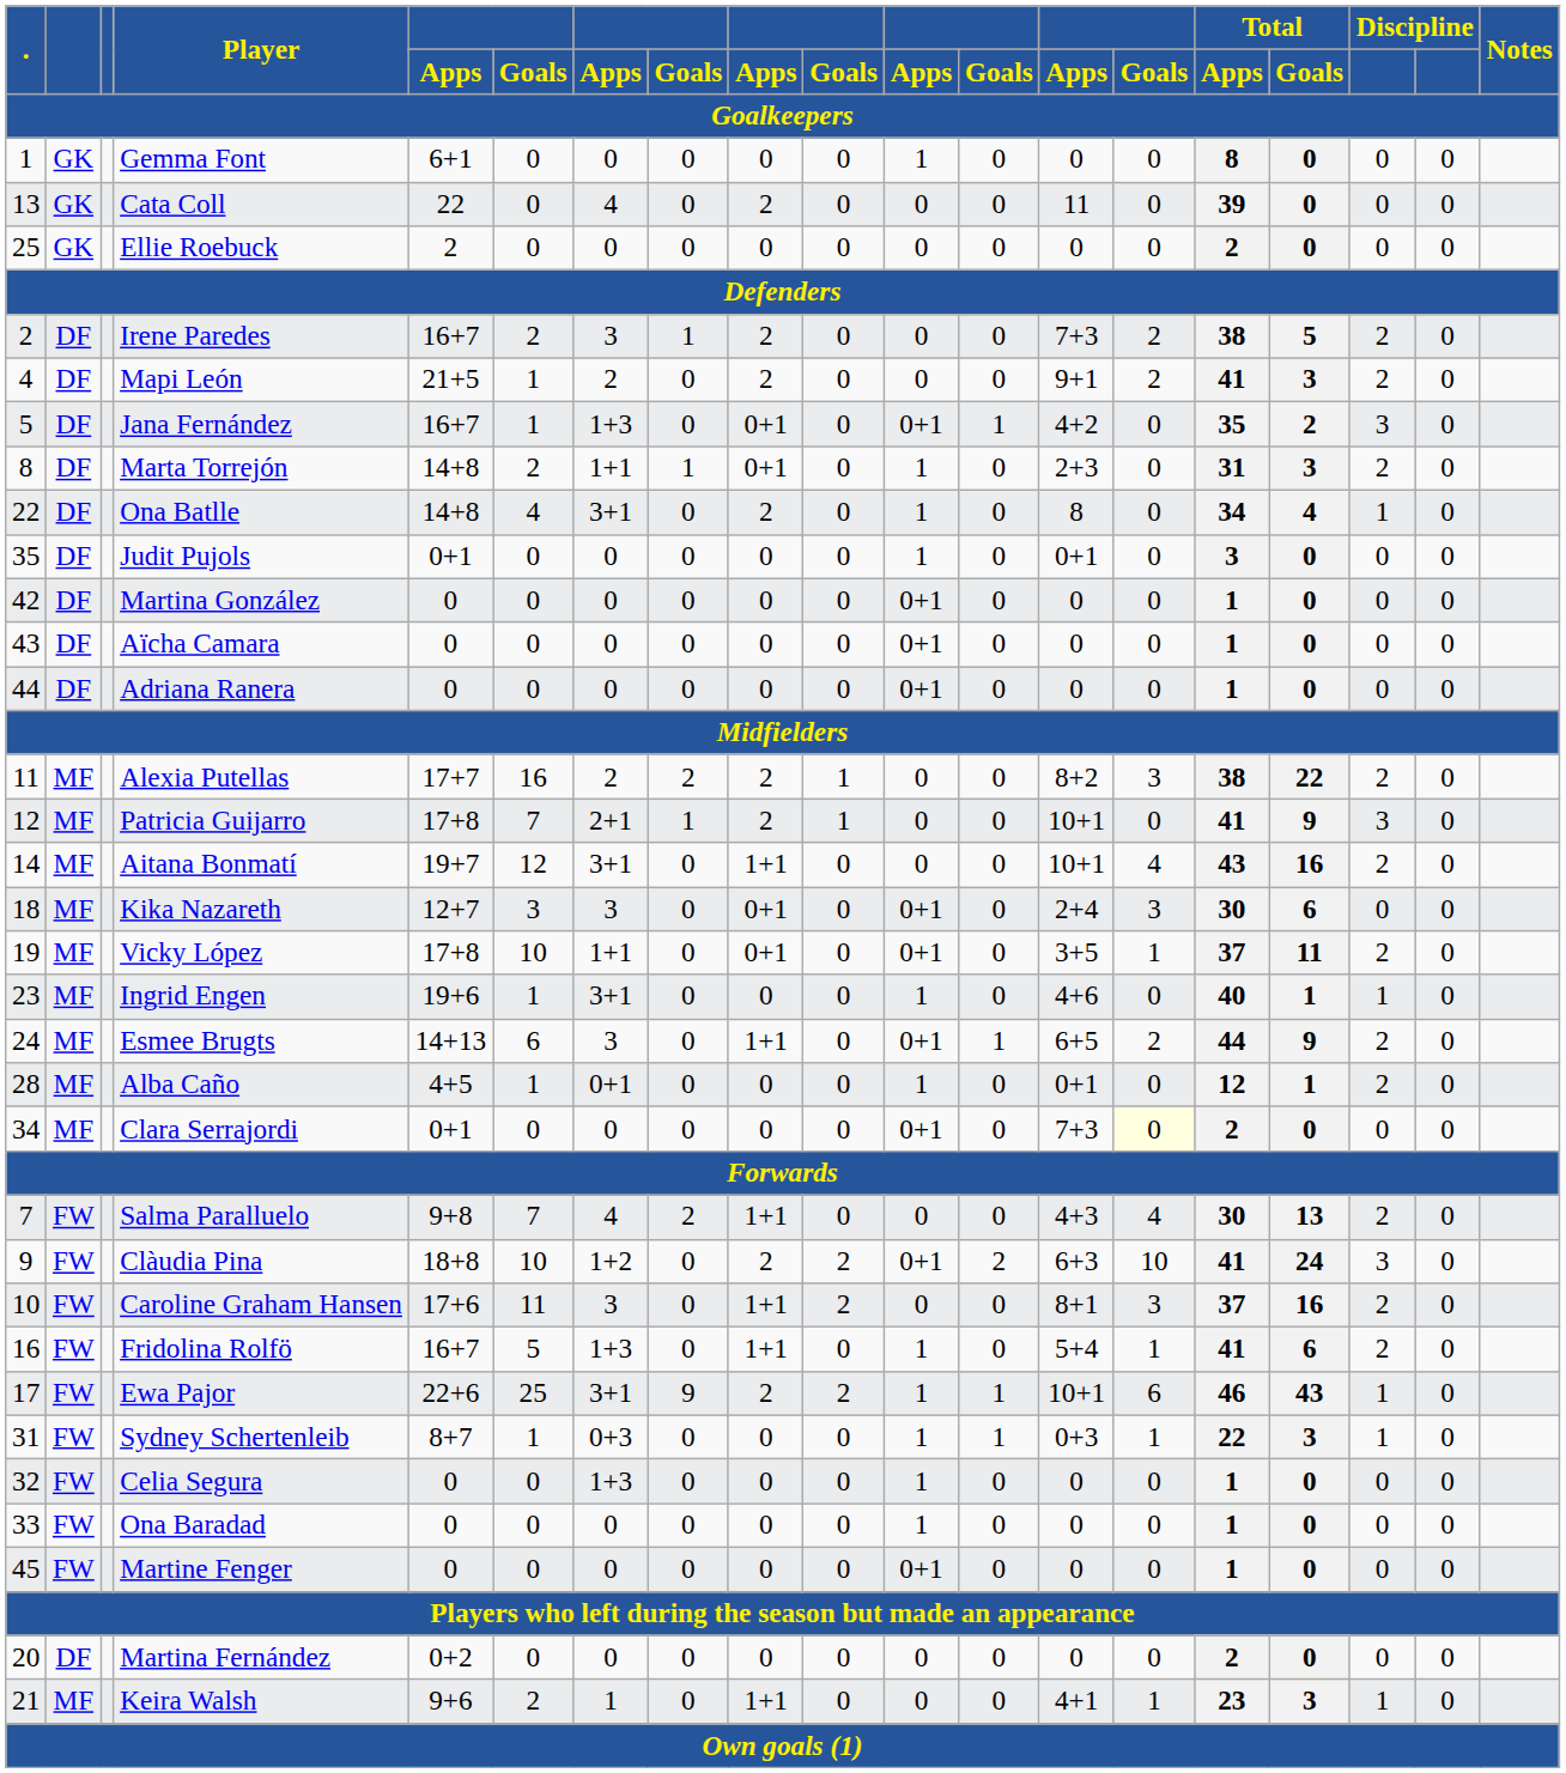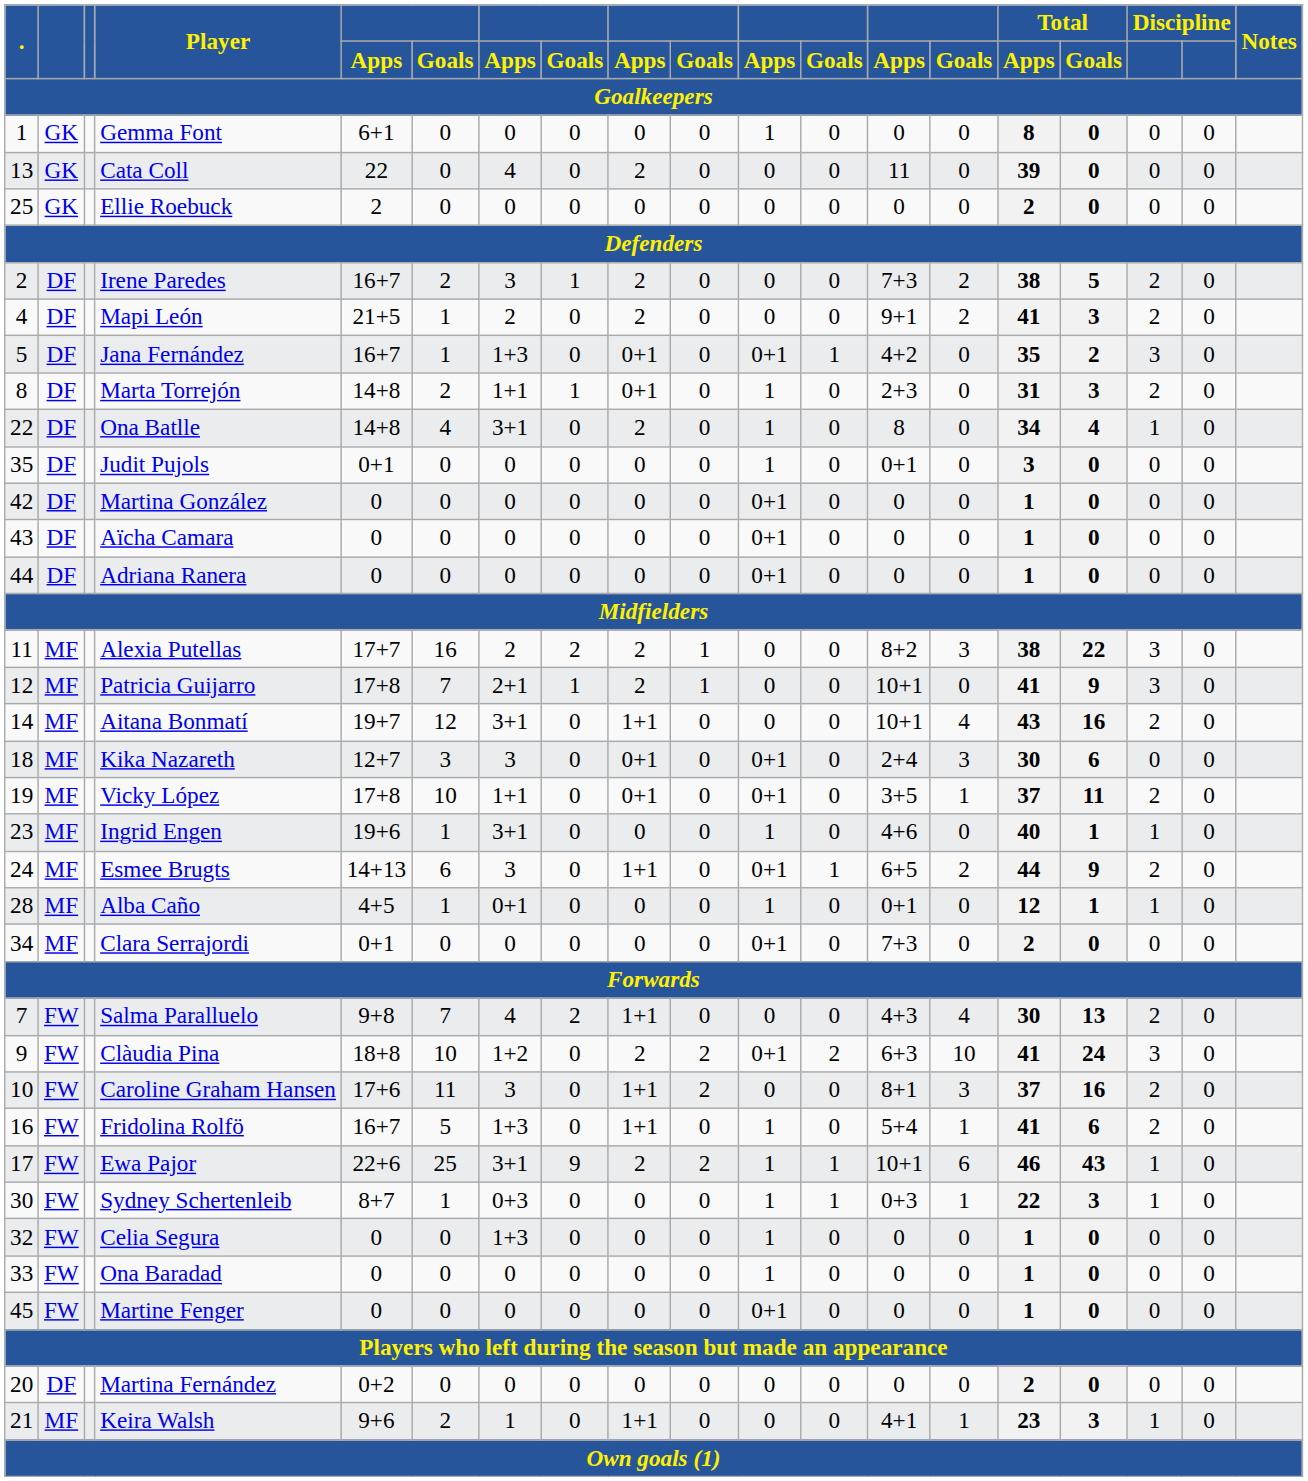 <table class="wikitable sortable alternance" style="text-align:center">
 <tr>
 <th rowspan="2" style="background:#26559B; color:#FFF000; ">.</th>
 <th rowspan="2" style="background:#26559B; color:#FFF000; "></th>
 <th rowspan="2" style="background:#26559B; color:#FFF000; "></th>
 <th rowspan="2" style="background:#26559B; color:#FFF000; ">Player</th>
 <th colspan="2" style="background:#26559B; color:#FFF000; "></th>
 <th colspan="2" style="background:#26559B; color:#FFF000; "></th>
 <th colspan="2" style="background:#26559B; color:#FFF000; "></th>
 <th colspan="2" style="background:#26559B; color:#FFF000; "></th>
 <th colspan="2" style="background:#26559B; color:#FFF000; "></th>
 <th colspan="2" style="background:#26559B; color:#FFF000; ">Total</th>
 <th colspan="2" style="background:#26559B; color:#FFF000; ">Discipline</th>
 <th rowspan="2" style="background:#26559B; color:#FFF000; ">Notes</th>
 </tr>
 <tr>
 <th style="background:#26559B; color:#FFF000; ">Apps</th>
 <th style="background:#26559B; color:#FFF000; ">Goals</th>
 <th style="background:#26559B; color:#FFF000; ">Apps</th>
 <th style="background:#26559B; color:#FFF000; ">Goals</th>
 <th style="background:#26559B; color:#FFF000; ">Apps</th>
 <th style="background:#26559B; color:#FFF000; ">Goals</th>
 <th style="background:#26559B; color:#FFF000; ">Apps</th>
 <th style="background:#26559B; color:#FFF000; ">Goals</th>
 <th style="background:#26559B; color:#FFF000; ">Apps</th>
 <th style="background:#26559B; color:#FFF000; ">Goals</th>
 <th style="background:#26559B; color:#FFF000; ">Apps</th>
 <th style="background:#26559B; color:#FFF000; ">Goals</th>
 <th style="background:#26559B; color:#FFF000; "></th>
 <th style="background:#26559B; color:#FFF000; "></th>
 </tr>
 <tr>
 <th colspan="19" style="background:#26559B; color:#FFF000; "><em>Goalkeepers</em></th>
 </tr>
 <tr>
 <td>1</td>
 <td><a href='#'>GK</a></td>
 <td></td>
 <td align="left"><a href='#'>Gemma Font</a></td>
 <td>6+1</td>
 <td>0</td>
 <td>0</td>
 <td>0</td>
 <td>0</td>
 <td>0</td>
 <td>1</td>
 <td>0</td>
 <td>0</td>
 <td>0</td>
 <th>8</th>
 <th>0</th>
 <td>0</td>
 <td>0</td>
 <td></td>
 </tr>
 <tr style="background:#eaecee" colspan="11">
 <td>13</td>
 <td><a href='#'>GK</a></td>
 <td></td>
 <td align="left"><a href='#'>Cata Coll</a></td>
 <td>22</td>
 <td>0</td>
 <td>4</td>
 <td>0</td>
 <td>2</td>
 <td>0</td>
 <td>0</td>
 <td>0</td>
 <td>11</td>
 <td>0</td>
 <th>39</th>
 <th>0</th>
 <td>0</td>
 <td>0</td>
 <td></td>
 </tr>
 <tr>
 <td>25</td>
 <td><a href='#'>GK</a></td>
 <td></td>
 <td align="left"><a href='#'>Ellie Roebuck</a></td>
 <td>2</td>
 <td>0</td>
 <td>0</td>
 <td>0</td>
 <td>0</td>
 <td>0</td>
 <td>0</td>
 <td>0</td>
 <td>0</td>
 <td>0</td>
 <th>2</th>
 <th>0</th>
 <td>0</td>
 <td>0</td>
 <td></td>
 </tr>
 <tr>
 <th colspan="19" style="background:#26559B; color:#FFF000; "><em>Defenders</em></th>
 </tr>
 <tr colspan="11" style="background:#eaecee">
 <td>2</td>
 <td><a href='#'>DF</a></td>
 <td></td>
 <td align="left"><a href='#'>Irene Paredes</a></td>
 <td>16+7</td>
 <td>2</td>
 <td>3</td>
 <td>1</td>
 <td>2</td>
 <td>0</td>
 <td>0</td>
 <td>0</td>
 <td>7+3</td>
 <td>2</td>
 <th>38</th>
 <th>5</th>
 <td>2</td>
 <td>0</td>
 <td></td>
 </tr>
 <tr>
 <td>4</td>
 <td><a href='#'>DF</a></td>
 <td></td>
 <td align="left"><a href='#'>Mapi León</a></td>
 <td>21+5</td>
 <td>1</td>
 <td>2</td>
 <td>0</td>
 <td>2</td>
 <td>0</td>
 <td>0</td>
 <td>0</td>
 <td>9+1</td>
 <td>2</td>
 <th>41</th>
 <th>3</th>
 <td>2</td>
 <td>0</td>
 <td></td>
 </tr>
 <tr colspan="11" style="background:#eaecee">
 <td>5</td>
 <td><a href='#'>DF</a></td>
 <td></td>
 <td align="left"><a href='#'>Jana Fernández</a></td>
 <td>16+7</td>
 <td>1</td>
 <td>1+3</td>
 <td>0</td>
 <td>0+1</td>
 <td>0</td>
 <td>0+1</td>
 <td>1</td>
 <td>4+2</td>
 <td>0</td>
 <th>35</th>
 <th>2</th>
 <td>3</td>
 <td>0</td>
 <td></td>
 </tr>
 <tr>
 <td>8</td>
 <td><a href='#'>DF</a></td>
 <td></td>
 <td align="left"><a href='#'>Marta Torrejón</a></td>
 <td>14+8</td>
 <td>2</td>
 <td>1+1</td>
 <td>1</td>
 <td>0+1</td>
 <td>0</td>
 <td>1</td>
 <td>0</td>
 <td>2+3</td>
 <td>0</td>
 <th>31</th>
 <th>3</th>
 <td>2</td>
 <td>0</td>
 <td></td>
 </tr>
 <tr style="background:#eaecee" colspan="11">
 <td>22</td>
 <td><a href='#'>DF</a></td>
 <td></td>
 <td align="left"><a href='#'>Ona Batlle</a></td>
 <td>14+8</td>
 <td>4</td>
 <td>3+1</td>
 <td>0</td>
 <td>2</td>
 <td>0</td>
 <td>1</td>
 <td>0</td>
 <td>8</td>
 <td>0</td>
 <th>34</th>
 <th>4</th>
 <td>1</td>
 <td>0</td>
 <td></td>
 </tr>
 <tr>
 <td>35</td>
 <td><a href='#'>DF</a></td>
 <td></td>
 <td align="left"><a href='#'>Judit Pujols</a></td>
 <td>0+1</td>
 <td>0</td>
 <td>0</td>
 <td>0</td>
 <td>0</td>
 <td>0</td>
 <td>1</td>
 <td>0</td>
 <td>0+1</td>
 <td>0</td>
 <th>3</th>
 <th>0</th>
 <td>0</td>
 <td>0</td>
 <td></td>
 </tr>
 <tr style="background:#eaecee" colspan="11">
 <td>42</td>
 <td><a href='#'>DF</a></td>
 <td></td>
 <td align="left"><a href='#'>Martina González</a></td>
 <td>0</td>
 <td>0</td>
 <td>0</td>
 <td>0</td>
 <td>0</td>
 <td>0</td>
 <td>0+1</td>
 <td>0</td>
 <td>0</td>
 <td>0</td>
 <th>1</th>
 <th>0</th>
 <td>0</td>
 <td>0</td>
 <td></td>
 </tr>
 <tr>
 <td>43</td>
 <td><a href='#'>DF</a></td>
 <td></td>
 <td align="left"><a href='#'>Aïcha Camara</a></td>
 <td>0</td>
 <td>0</td>
 <td>0</td>
 <td>0</td>
 <td>0</td>
 <td>0</td>
 <td>0+1</td>
 <td>0</td>
 <td>0</td>
 <td>0</td>
 <th>1</th>
 <th>0</th>
 <td>0</td>
 <td>0</td>
 <td></td>
 </tr>
 <tr style="background:#eaecee" colspan="11">
 <td>44</td>
 <td><a href='#'>DF</a></td>
 <td></td>
 <td align="left"><a href='#'>Adriana Ranera</a></td>
 <td>0</td>
 <td>0</td>
 <td>0</td>
 <td>0</td>
 <td>0</td>
 <td>0</td>
 <td>0+1</td>
 <td>0</td>
 <td>0</td>
 <td>0</td>
 <th>1</th>
 <th>0</th>
 <td>0</td>
 <td>0</td>
 <td></td>
 </tr>
 <tr>
 <th colspan="19" style="background:#26559B; color:#FFF000; "><em>Midfielders</em></th>
 </tr>
 <tr>
 <td>11</td>
 <td><a href='#'>MF</a></td>
 <td></td>
 <td align="left"><a href='#'>Alexia Putellas</a></td>
 <td>17+7</td>
 <td>16</td>
 <td>2</td>
 <td>2</td>
 <td>2</td>
 <td>1</td>
 <td>0</td>
 <td>0</td>
 <td>8+2</td>
 <td>3</td>
 <th>38</th>
 <th>22</th>
-<td>2</td>
+<td>3</td>
 <td>0</td>
 <td></td>
 </tr>
 <tr style="background:#eaecee" colspan="11">
 <td>12</td>
 <td><a href='#'>MF</a></td>
 <td></td>
 <td align="left"><a href='#'>Patricia Guijarro</a></td>
 <td>17+8</td>
 <td>7</td>
 <td>2+1</td>
 <td>1</td>
 <td>2</td>
 <td>1</td>
 <td>0</td>
 <td>0</td>
 <td>10+1</td>
 <td>0</td>
 <th>41</th>
 <th>9</th>
 <td>3</td>
 <td>0</td>
 <td></td>
 </tr>
 <tr>
 <td>14</td>
 <td><a href='#'>MF</a></td>
 <td></td>
 <td align="left"><a href='#'>Aitana Bonmatí</a></td>
 <td>19+7</td>
 <td>12</td>
 <td>3+1</td>
 <td>0</td>
 <td>1+1</td>
 <td>0</td>
 <td>0</td>
 <td>0</td>
 <td>10+1</td>
 <td>4</td>
 <th>43</th>
 <th>16</th>
 <td>2</td>
 <td>0</td>
 <td></td>
 </tr>
 <tr style="background:#eaecee" colspan="11">
 <td>18</td>
 <td><a href='#'>MF</a></td>
 <td></td>
 <td align="left"><a href='#'>Kika Nazareth</a></td>
 <td>12+7</td>
 <td>3</td>
 <td>3</td>
 <td>0</td>
 <td>0+1</td>
 <td>0</td>
 <td>0+1</td>
 <td>0</td>
 <td>2+4</td>
 <td>3</td>
 <th>30</th>
 <th>6</th>
 <td>0</td>
 <td>0</td>
 <td></td>
 </tr>
 <tr>
 <td>19</td>
 <td><a href='#'>MF</a></td>
 <td></td>
 <td align="left"><a href='#'>Vicky López</a></td>
 <td>17+8</td>
 <td>10</td>
 <td>1+1</td>
 <td>0</td>
 <td>0+1</td>
 <td>0</td>
 <td>0+1</td>
 <td>0</td>
 <td>3+5</td>
 <td>1</td>
 <th>37</th>
 <th>11</th>
 <td>2</td>
 <td>0</td>
 <td></td>
 </tr>
 <tr style="background:#eaecee" colspan="11">
 <td>23</td>
 <td><a href='#'>MF</a></td>
 <td></td>
 <td align="left"><a href='#'>Ingrid Engen</a></td>
 <td>19+6</td>
 <td>1</td>
 <td>3+1</td>
 <td>0</td>
 <td>0</td>
 <td>0</td>
 <td>1</td>
 <td>0</td>
 <td>4+6</td>
 <td>0</td>
 <th>40</th>
 <th>1</th>
 <td>1</td>
 <td>0</td>
 <td></td>
 </tr>
 <tr>
 <td>24</td>
 <td><a href='#'>MF</a></td>
 <td></td>
 <td align="left"><a href='#'>Esmee Brugts</a></td>
 <td>14+13</td>
 <td>6</td>
 <td>3</td>
 <td>0</td>
 <td>1+1</td>
 <td>0</td>
 <td>0+1</td>
 <td>1</td>
 <td>6+5</td>
 <td>2</td>
 <th>44</th>
 <th>9</th>
 <td>2</td>
 <td>0</td>
 <td></td>
 </tr>
 <tr style="background:#eaecee" colspan="11">
 <td>28</td>
 <td><a href='#'>MF</a></td>
 <td></td>
 <td align="left"><a href='#'>Alba Caño</a></td>
 <td>4+5</td>
 <td>1</td>
 <td>0+1</td>
 <td>0</td>
 <td>0</td>
 <td>0</td>
 <td>1</td>
 <td>0</td>
 <td>0+1</td>
 <td>0</td>
 <th>12</th>
 <th>1</th>
-<td>2</td>
+<td>1</td>
 <td>0</td>
 <td></td>
 </tr>
 <tr>
 <td>34</td>
 <td><a href='#'>MF</a></td>
 <td></td>
 <td align="left"><a href='#'>Clara Serrajordi</a></td>
 <td>0+1</td>
 <td>0</td>
 <td>0</td>
 <td>0</td>
 <td>0</td>
 <td>0</td>
 <td>0+1</td>
 <td>0</td>
 <td>7+3</td>
-<td style="background: lightyellow;">0</td>
+<td>0</td>
 <th>2</th>
 <th>0</th>
 <td>0</td>
 <td>0</td>
 <td></td>
 </tr>
 <tr>
 <th colspan="19" style="background:#26559B; color:#FFF000; "><em>Forwards</em></th>
 </tr>
 <tr style="background:#eaecee" colspan="11">
 <td>7</td>
 <td><a href='#'>FW</a></td>
 <td></td>
 <td align="left"><a href='#'>Salma Paralluelo</a></td>
 <td>9+8</td>
 <td>7</td>
 <td>4</td>
 <td>2</td>
 <td>1+1</td>
 <td>0</td>
 <td>0</td>
 <td>0</td>
 <td>4+3</td>
 <td>4</td>
 <th>30</th>
 <th>13</th>
 <td>2</td>
 <td>0</td>
 <td></td>
 </tr>
 <tr>
 <td>9</td>
 <td><a href='#'>FW</a></td>
 <td></td>
 <td align="left"><a href='#'>Clàudia Pina</a></td>
 <td>18+8</td>
 <td>10</td>
 <td>1+2</td>
 <td>0</td>
 <td>2</td>
 <td>2</td>
 <td>0+1</td>
 <td>2</td>
 <td>6+3</td>
 <td>10</td>
 <th>41</th>
 <th>24</th>
 <td>3</td>
 <td>0</td>
 <td></td>
 </tr>
 <tr style="background:#eaecee" colspan="11">
 <td>10</td>
 <td><a href='#'>FW</a></td>
 <td></td>
 <td align="left"><a href='#'>Caroline Graham Hansen</a></td>
 <td>17+6</td>
 <td>11</td>
 <td>3</td>
 <td>0</td>
 <td>1+1</td>
 <td>2</td>
 <td>0</td>
 <td>0</td>
 <td>8+1</td>
 <td>3</td>
 <th>37</th>
 <th>16</th>
 <td>2</td>
 <td>0</td>
 <td></td>
 </tr>
 <tr>
 <td>16</td>
 <td><a href='#'>FW</a></td>
 <td></td>
 <td align="left"><a href='#'>Fridolina Rolfö</a></td>
 <td>16+7</td>
 <td>5</td>
 <td>1+3</td>
 <td>0</td>
 <td>1+1</td>
 <td>0</td>
 <td>1</td>
 <td>0</td>
 <td>5+4</td>
 <td>1</td>
 <th>41</th>
 <th>6</th>
 <td>2</td>
 <td>0</td>
 <td></td>
 </tr>
 <tr style="background:#eaecee" colspan="11">
 <td>17</td>
 <td><a href='#'>FW</a></td>
 <td></td>
 <td align="left"><a href='#'>Ewa Pajor</a></td>
 <td>22+6</td>
 <td>25</td>
 <td>3+1</td>
 <td>9</td>
 <td>2</td>
 <td>2</td>
 <td>1</td>
 <td>1</td>
 <td>10+1</td>
 <td>6</td>
 <th>46</th>
 <th>43</th>
 <td>1</td>
 <td>0</td>
 <td></td>
 </tr>
 <tr>
-<td>31</td>
+<td>30</td>
 <td><a href='#'>FW</a></td>
 <td></td>
 <td align="left"><a href='#'>Sydney Schertenleib</a></td>
 <td>8+7</td>
 <td>1</td>
 <td>0+3</td>
 <td>0</td>
 <td>0</td>
 <td>0</td>
 <td>1</td>
 <td>1</td>
 <td>0+3</td>
 <td>1</td>
 <th>22</th>
 <th>3</th>
 <td>1</td>
 <td>0</td>
 <td></td>
 </tr>
 <tr style="background:#eaecee" colspan="11">
 <td>32</td>
 <td><a href='#'>FW</a></td>
 <td></td>
 <td align="left"><a href='#'>Celia Segura</a></td>
 <td>0</td>
 <td>0</td>
 <td>1+3</td>
 <td>0</td>
 <td>0</td>
 <td>0</td>
 <td>1</td>
 <td>0</td>
 <td>0</td>
 <td>0</td>
 <th>1</th>
 <th>0</th>
 <td>0</td>
 <td>0</td>
 <td></td>
 </tr>
 <tr>
 <td>33</td>
 <td><a href='#'>FW</a></td>
 <td></td>
 <td align="left"><a href='#'>Ona Baradad</a></td>
 <td>0</td>
 <td>0</td>
 <td>0</td>
 <td>0</td>
 <td>0</td>
 <td>0</td>
 <td>1</td>
 <td>0</td>
 <td>0</td>
 <td>0</td>
 <th>1</th>
 <th>0</th>
 <td>0</td>
 <td>0</td>
 <td></td>
 </tr>
 <tr style="background:#eaecee" colspan="11">
 <td>45</td>
 <td><a href='#'>FW</a></td>
 <td></td>
 <td align="left"><a href='#'>Martine Fenger</a></td>
 <td>0</td>
 <td>0</td>
 <td>0</td>
 <td>0</td>
 <td>0</td>
 <td>0</td>
 <td>0+1</td>
 <td>0</td>
 <td>0</td>
 <td>0</td>
 <th>1</th>
 <th>0</th>
 <td>0</td>
 <td>0</td>
 <td></td>
 </tr>
 <tr>
 <th colspan=19 style="background:#26559B; color:#FFF000; ">Players who left during the season but made an appearance</th>
 </tr>
 <tr>
 <td>20</td>
 <td><a href='#'>DF</a></td>
 <td></td>
 <td align="left"><a href='#'>Martina Fernández</a></td>
 <td>0+2</td>
 <td>0</td>
 <td>0</td>
 <td>0</td>
 <td>0</td>
 <td>0</td>
 <td>0</td>
 <td>0</td>
 <td>0</td>
 <td>0</td>
 <th>2</th>
 <th>0</th>
 <td>0</td>
 <td>0</td>
 <td></td>
 </tr>
 <tr style="background:#eaecee" colspan="11">
 <td>21</td>
 <td><a href='#'>MF</a></td>
 <td></td>
 <td align="left"><a href='#'>Keira Walsh</a></td>
 <td>9+6</td>
 <td>2</td>
 <td>1</td>
 <td>0</td>
 <td>1+1</td>
 <td>0</td>
 <td>0</td>
 <td>0</td>
 <td>4+1</td>
 <td>1</td>
 <th>23</th>
 <th>3</th>
 <td>1</td>
 <td>0</td>
 <td></td>
 </tr>
 <tr>
 <th colspan=19 style="background:#26559B; color:#FFF000; "><em>Own goals (1)</em></th>
 </tr>
 </table>
